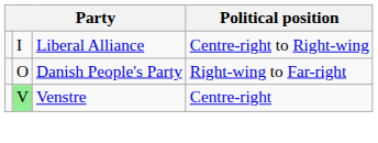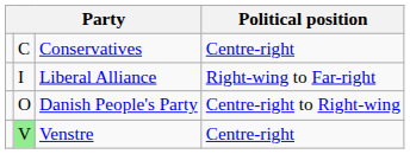 <table class="wikitable">
 <tr>
 <th colspan="3">Party</th>
 <th>Political position</th>
 </tr>
 <tr>
 <td></td>
+<td>C</td>
+<td><a href='#'>Conservatives</a></td>
+<td><a href='#'>Centre-right</a></td>
+</tr>
+<tr>
+<td></td>
 <td>I</td>
 <td><a href='#'>Liberal Alliance</a></td>
-<td><a href='#'>Centre-right</a> to <a href='#'>Right-wing</a></td>
+<td><a href='#'>Right-wing</a> to  <a href='#'>Far-right</a></td>
 </tr>
 <tr>
 <td></td>
 <td>O</td>
 <td><a href='#'>Danish People's Party</a></td>
-<td><a href='#'>Right-wing</a> to  <a href='#'>Far-right</a></td>
+<td><a href='#'>Centre-right</a> to <a href='#'>Right-wing</a></td>
 </tr>
 <tr>
 <td></td>
 <td style="background: lightgreen;">V</td>
 <td><a href='#'>Venstre</a></td>
 <td><a href='#'>Centre-right</a></td>
 </tr>
 </table>
